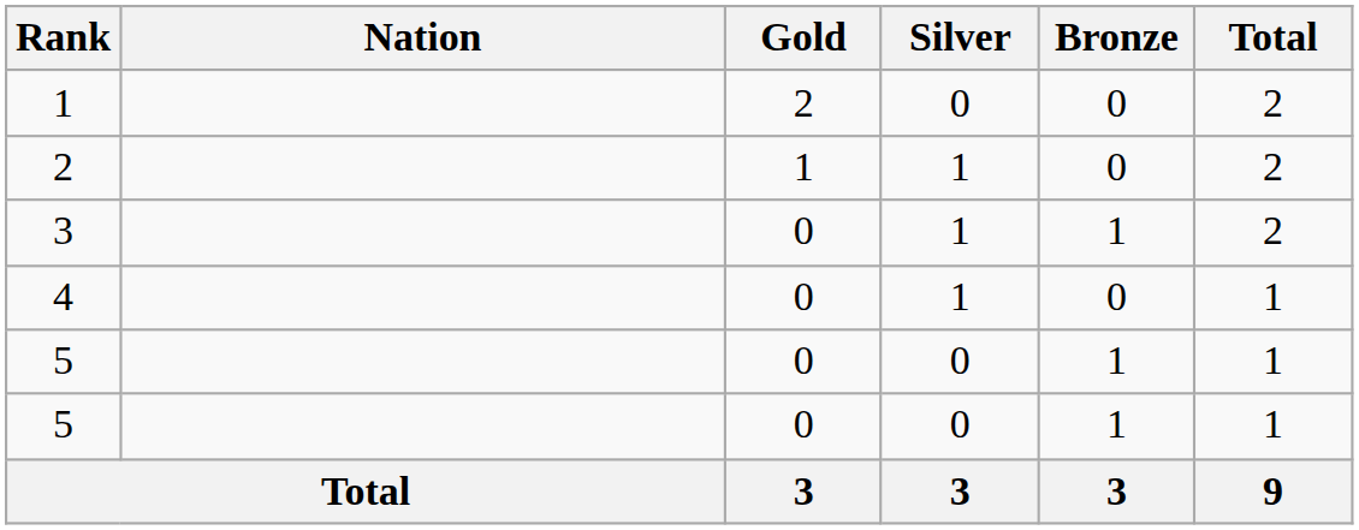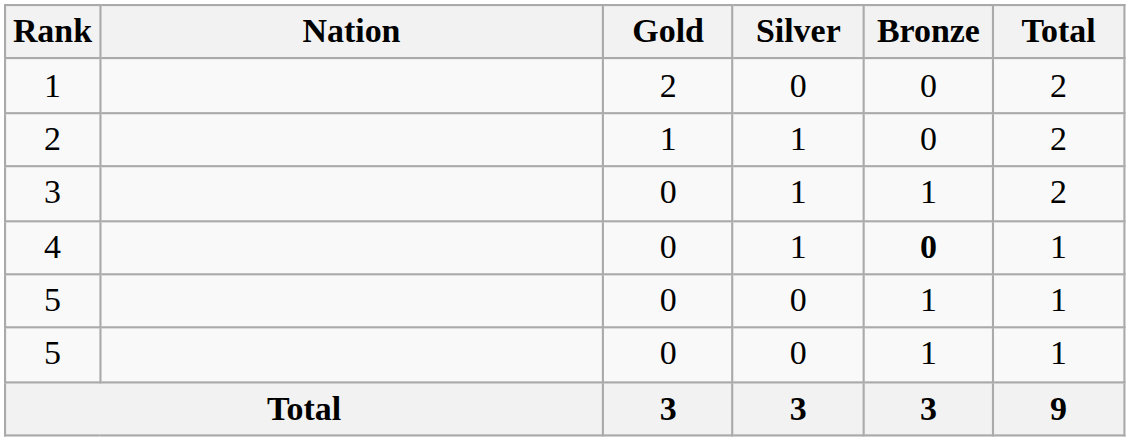 <table class="wikitable" style="text-align: center;">
 <tr>
 <th>Rank</th>
 <th style="width: 230px;">Nation</th>
 <th style="width: 54px;">Gold</th>
 <th style="width: 54px;">Silver</th>
 <th style="width: 54px;">Bronze</th>
 <th style="width: 54px;">Total</th>
 </tr>
 <tr>
 <td>1</td>
 <td style="text-align: left;"></td>
 <td>2</td>
 <td>0</td>
 <td>0</td>
 <td>2</td>
 </tr>
 <tr>
 <td>2</td>
 <td style="text-align: left;"></td>
 <td>1</td>
 <td>1</td>
 <td>0</td>
 <td>2</td>
 </tr>
 <tr>
 <td>3</td>
 <td style="text-align: left;"></td>
 <td>0</td>
 <td>1</td>
 <td>1</td>
 <td>2</td>
 </tr>
 <tr>
 <td>4</td>
 <td style="text-align: left;"></td>
 <td>0</td>
 <td>1</td>
-<td>0</td>
+<td><strong>0</strong></td>
 <td>1</td>
 </tr>
 <tr>
 <td>5</td>
 <td style="text-align: left;"></td>
 <td>0</td>
 <td>0</td>
 <td>1</td>
 <td>1</td>
 </tr>
 <tr>
 <td>5</td>
 <td style="text-align: left;"></td>
 <td>0</td>
 <td>0</td>
 <td>1</td>
 <td>1</td>
 </tr>
 <tr>
 <th colspan="2">Total</th>
 <th>3</th>
 <th>3</th>
 <th>3</th>
 <th>9</th>
 </tr>
 </table>
